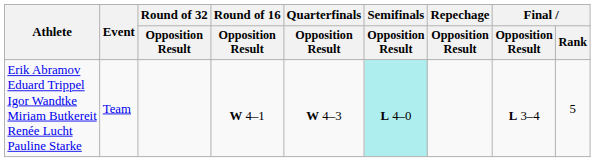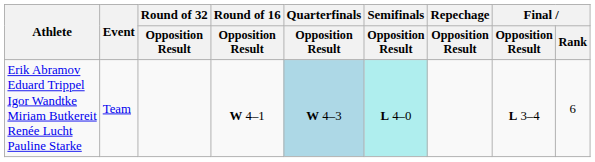 <table class="wikitable" style="font-size:90%">
 <tr>
 <th rowspan="2">Athlete</th>
 <th rowspan="2">Event</th>
 <th>Round of 32</th>
 <th>Round of 16</th>
 <th>Quarterfinals</th>
 <th>Semifinals</th>
 <th>Repechage</th>
 <th colspan=2>Final / </th>
 </tr>
 <tr style="font-size:95%">
 <th>Opposition<br>Result</th>
 <th>Opposition<br>Result</th>
 <th>Opposition<br>Result</th>
 <th>Opposition<br>Result</th>
 <th>Opposition<br>Result</th>
 <th>Opposition<br>Result</th>
 <th>Rank</th>
 </tr>
 <tr align=center>
 <td align=left><a href='#'>Erik Abramov</a><br><a href='#'>Eduard Trippel</a><br><a href='#'>Igor Wandtke</a><br><a href='#'>Miriam Butkereit</a><br><a href='#'>Renée Lucht</a><br><a href='#'>Pauline Starke</a></td>
 <td align=left><a href='#'>Team</a></td>
 <td></td>
 <td><br><strong>W</strong> 4–1</td>
-<td><br><strong>W</strong> 4–3</td>
+<td style="background: lightblue;"><br><strong>W</strong> 4–3</td>
 <td style="background: paleturquoise;"><br><strong>L</strong> 4–0</td>
 <td></td>
 <td><br><strong>L</strong> 3–4</td>
-<td>5</td>
+<td>6</td>
 </tr>
 </table>
